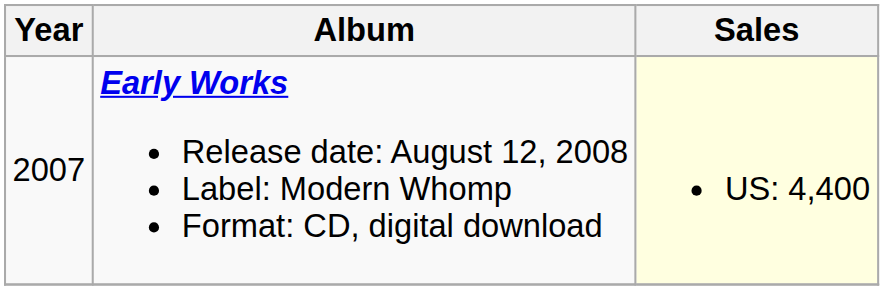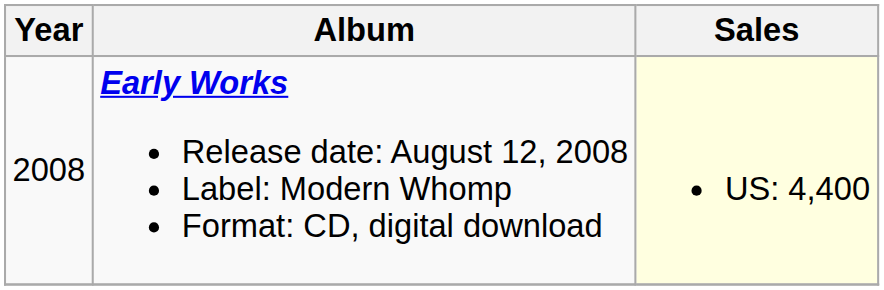 <table class="wikitable" style="text-align:center;">
 <tr>
 <th rowspan="1">Year</th>
 <th rowspan="1">Album</th>
 <th rowspan="1">Sales</th>
 </tr>
 <tr>
-<td>2007</td>
+<td>2008</td>
 <td align="left"><strong><em><a href='#'>Early Works</a></em></strong><br><ul><li>Release date: August 12, 2008</li><li>Label: Modern Whomp</li><li>Format: CD, digital download</li></ul></td>
 <td align="left" style="background: lightyellow;"><br><ul><li>US: 4,400</li></ul></td>
 </tr>
 <tr>
 </tr>
 </table>
